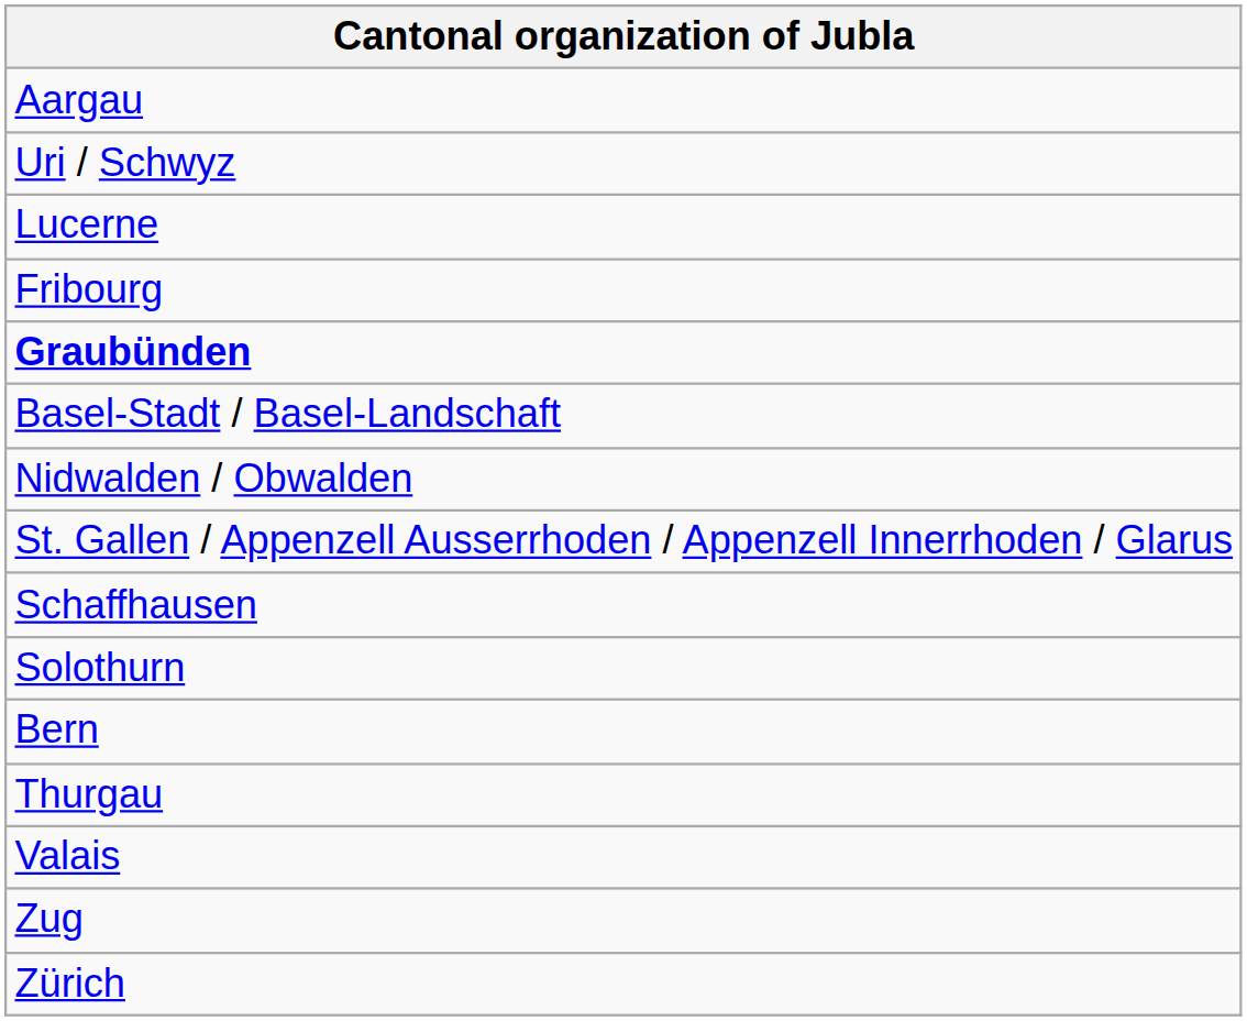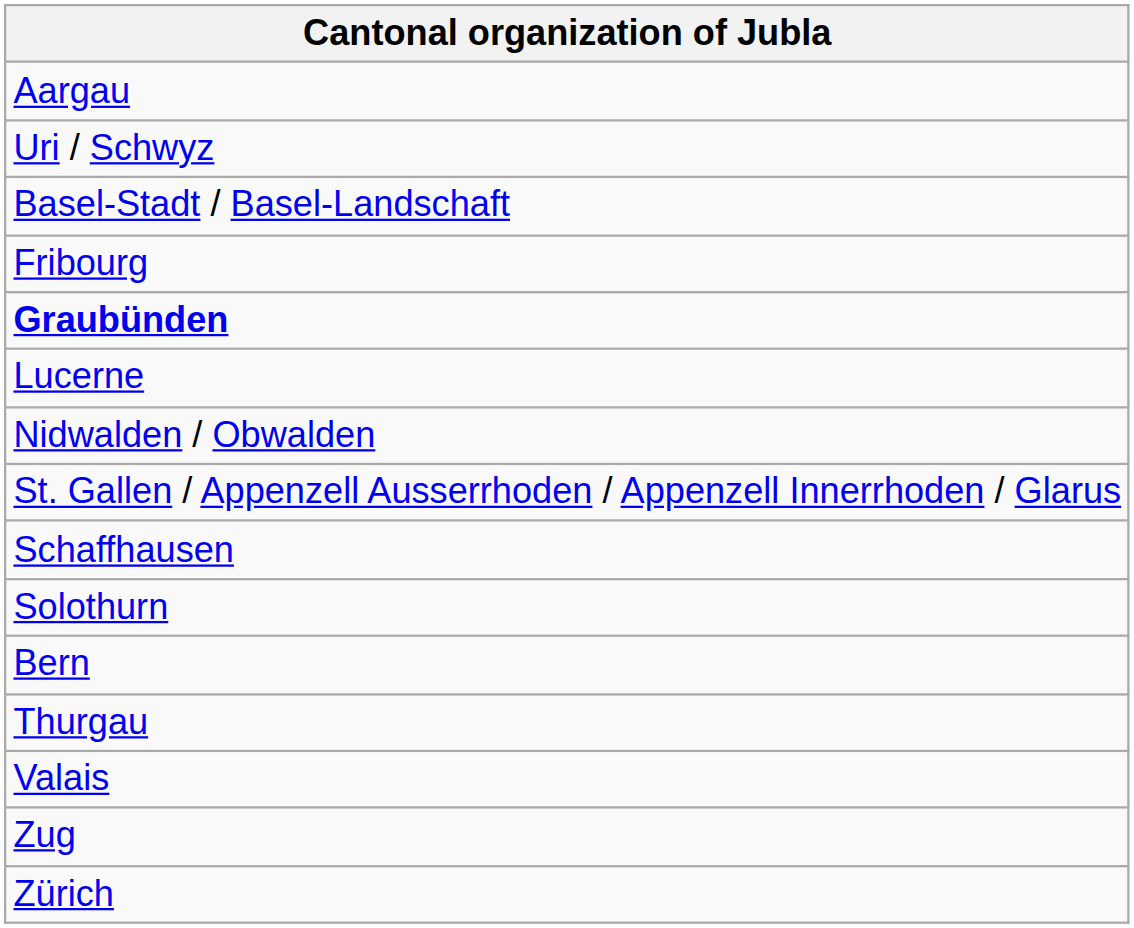 <table class="wikitable sortable">
 <tr>
 <th>Cantonal organization of Jubla</th>
 </tr>
 <tr>
 <td><a href='#'>Aargau</a></td>
 </tr>
 <tr>
 <td><a href='#'>Uri</a> / <a href='#'>Schwyz</a></td>
 </tr>
 <tr>
-<td><a href='#'>Lucerne</a></td>
+<td><a href='#'>Basel-Stadt</a> / <a href='#'>Basel-Landschaft</a></td>
 </tr>
 <tr>
 <td><a href='#'>Fribourg</a></td>
 </tr>
 <tr>
 <td><strong><a href='#'>Graubünden</a></strong></td>
 </tr>
 <tr>
-<td><a href='#'>Basel-Stadt</a> / <a href='#'>Basel-Landschaft</a></td>
+<td><a href='#'>Lucerne</a></td>
 </tr>
 <tr>
 <td><a href='#'>Nidwalden</a> / <a href='#'>Obwalden</a></td>
 </tr>
 <tr>
 <td><a href='#'>St. Gallen</a> / <a href='#'>Appenzell Ausserrhoden</a> / <a href='#'>Appenzell Innerrhoden</a> / <a href='#'>Glarus</a></td>
 </tr>
 <tr>
 <td><a href='#'>Schaffhausen</a></td>
 </tr>
 <tr>
 <td><a href='#'>Solothurn</a></td>
 </tr>
 <tr>
 <td><a href='#'>Bern</a></td>
 </tr>
 <tr>
 <td><a href='#'>Thurgau</a></td>
 </tr>
 <tr>
 <td><a href='#'>Valais</a></td>
 </tr>
 <tr>
 <td><a href='#'>Zug</a></td>
 </tr>
 <tr>
 <td><a href='#'>Zürich</a></td>
 </tr>
 </table>
